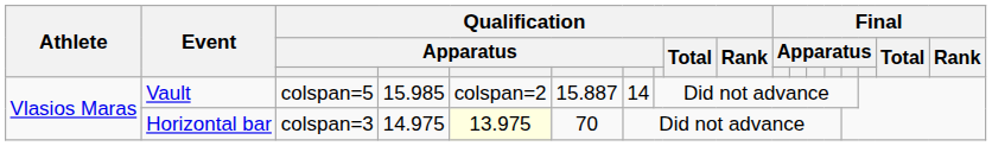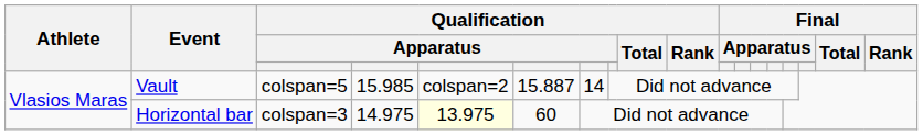 <table class="wikitable" style="font-size:90%">
 <tr>
 <th rowspan=3>Athlete</th>
 <th rowspan=3>Event</th>
 <th colspan =8>Qualification</th>
 <th colspan =8>Final</th>
 </tr>
 <tr style="font-size:95%">
 <th colspan=6>Apparatus</th>
 <th rowspan=2>Total</th>
 <th rowspan=2>Rank</th>
 <th colspan=6>Apparatus</th>
 <th rowspan=2>Total</th>
 <th rowspan=2>Rank</th>
 </tr>
 <tr style="font-size:95%">
 <th></th>
 <th></th>
 <th></th>
 <th></th>
 <th></th>
 <th></th>
 <th></th>
 <th></th>
 <th></th>
 <th></th>
 <th></th>
 <th></th>
 </tr>
 <tr align=center>
 <td align=left rowspan=2><a href='#'>Vlasios Maras</a></td>
 <td align=left><a href='#'>Vault</a></td>
 <td>colspan=5 </td>
 <td>15.985</td>
 <td>colspan=2 </td>
 <td>15.887</td>
 <td>14</td>
 <td colspan=8>Did not advance</td>
 </tr>
 <tr align=center>
 <td align=left><a href='#'>Horizontal bar</a></td>
 <td>colspan=3 </td>
 <td>14.975</td>
 <td style="background: lightyellow;">13.975</td>
-<td>70</td>
+<td>60</td>
 <td colspan=8>Did not advance</td>
 </tr>
 </table>
